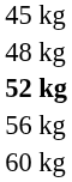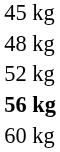 <table>
 <tr>
 <td rowspan=2>45 kg</td>
 <td rowspan=2></td>
 <td rowspan=2></td>
 <td></td>
 </tr>
 <tr>
 <td></td>
 </tr>
 <tr>
 <td rowspan=2>48 kg</td>
 <td rowspan=2></td>
 <td rowspan=2></td>
 <td></td>
 </tr>
 <tr>
 <td></td>
 </tr>
 <tr>
-<td><strong>52 kg</strong></td>
+<td>52 kg</td>
 <td></td>
 <td></td>
 <td></td>
 </tr>
 <tr>
-<td>56 kg</td>
+<td><strong>56 kg</strong></td>
 <td></td>
 <td></td>
 <td></td>
 </tr>
 <tr>
 <td>60 kg</td>
 <td></td>
 <td></td>
 <td></td>
 </tr>
 </table>
